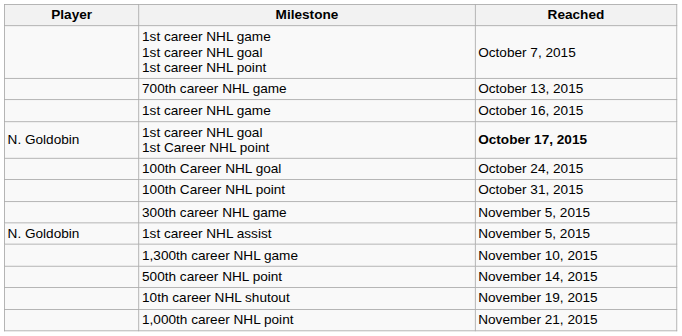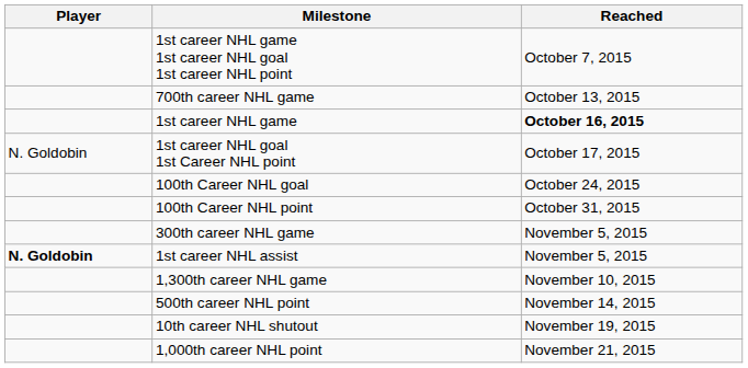 <table class="wikitable sortable" style="width:50%;">
 <tr align=center>
 <th style="width:20%;">Player</th>
 <th style="width:50%;">Milestone</th>
 <th style="width:30%;" data-sort-type="date">Reached</th>
 </tr>
 <tr>
 <td></td>
 <td>1st career NHL game<br>1st career NHL goal<br>1st career NHL point</td>
 <td>October 7, 2015</td>
 </tr>
 <tr>
 <td></td>
 <td>700th career NHL game</td>
 <td>October 13, 2015</td>
 </tr>
 <tr>
 <td></td>
 <td>1st career NHL game</td>
-<td>October 16, 2015</td>
+<td><strong>October 16, 2015</strong></td>
 </tr>
 <tr>
 <td>N. Goldobin</td>
 <td>1st career NHL goal<br>1st Career NHL point</td>
-<td><strong>October 17, 2015</strong></td>
+<td>October 17, 2015</td>
 </tr>
 <tr>
 <td></td>
 <td>100th Career NHL goal</td>
 <td>October 24, 2015</td>
 </tr>
 <tr>
 <td></td>
 <td>100th Career NHL point</td>
 <td>October 31, 2015</td>
 </tr>
 <tr>
 <td></td>
 <td>300th career NHL game</td>
 <td>November 5, 2015</td>
 </tr>
 <tr>
-<td>N. Goldobin</td>
+<td><strong>N. Goldobin</strong></td>
 <td>1st career NHL assist</td>
 <td>November 5, 2015</td>
 </tr>
 <tr>
 <td></td>
 <td>1,300th career NHL game</td>
 <td>November 10, 2015</td>
 </tr>
 <tr>
 <td></td>
 <td>500th career NHL point</td>
 <td>November 14, 2015</td>
 </tr>
 <tr>
 <td></td>
 <td>10th career NHL shutout</td>
 <td>November 19, 2015</td>
 </tr>
 <tr>
 <td></td>
 <td>1,000th career NHL point</td>
 <td>November 21, 2015</td>
 </tr>
 </table>
